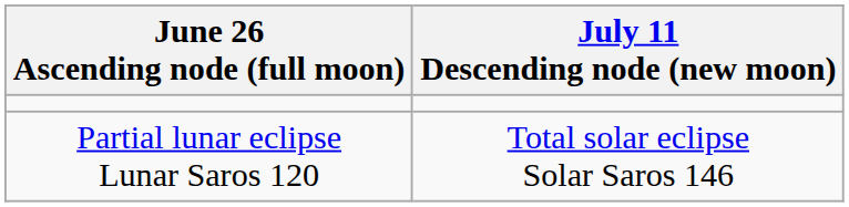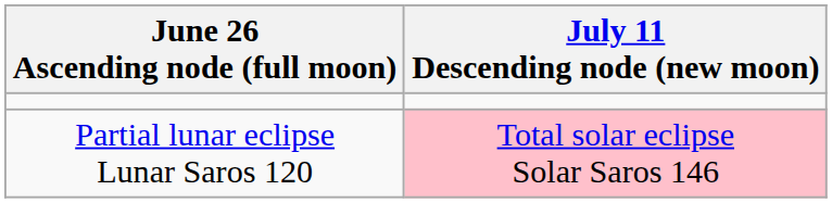 <table class="wikitable">
 <tr>
 <th>June 26<br>Ascending node (full moon)<br></th>
 <th><a href='#'>July 11</a><br>Descending node (new moon)<br></th>
 </tr>
 <tr>
 <td></td>
 <td></td>
 </tr>
 <tr align=center>
 <td><a href='#'>Partial lunar eclipse</a><br>Lunar Saros 120</td>
-<td><a href='#'>Total solar eclipse</a><br>Solar Saros 146</td>
+<td style="background: pink;"><a href='#'>Total solar eclipse</a><br>Solar Saros 146</td>
 </tr>
 </table>
